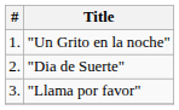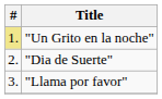 <table class="wikitable">
 <tr>
 <th>#</th>
 <th>Title</th>
 </tr>
 <tr>
-<td>1.</td>
+<td style="background: khaki;">1.</td>
 <td>"Un Grito en la noche"</td>
 </tr>
 <tr>
 <td>2.</td>
 <td>"Dia de Suerte"</td>
 </tr>
 <tr>
 <td>3.</td>
 <td>"Llama por favor"</td>
 </tr>
 <tr>
 </tr>
 </table>
